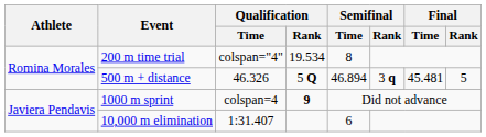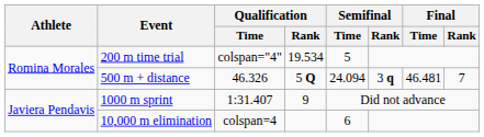 <table class=wikitable style=font-size:90%;text-align:center>
 <tr>
 <th rowspan=2>Athlete</th>
 <th rowspan=2>Event</th>
 <th colspan=2>Qualification</th>
 <th colspan=2>Semifinal</th>
 <th colspan=2>Final</th>
 </tr>
 <tr style=font-size:95%>
 <th>Time</th>
 <th>Rank</th>
 <th>Time</th>
 <th>Rank</th>
 <th>Time</th>
 <th>Rank</th>
 </tr>
 <tr>
 <td rowspan=2 style="text-align:left"><a href='#'>Romina Morales</a></td>
 <td style="text-align:left"><a href='#'>200 m time trial</a></td>
 <td>colspan="4" </td>
 <td>19.534</td>
-<td>8</td>
+<td>5</td>
 </tr>
 <tr>
 <td style="text-align:left"><a href='#'>500 m + distance</a></td>
 <td>46.326</td>
 <td>5 <strong>Q</strong></td>
-<td>46.894</td>
+<td>24.094</td>
 <td>3 <strong>q</strong></td>
-<td>45.481</td>
-<td>5</td>
+<td>46.481</td>
+<td>7</td>
 </tr>
 <tr>
 <td rowspan=2 style="text-align:left"><a href='#'>Javiera Pendavis</a></td>
 <td style="text-align:left"><a href='#'>1000 m sprint</a></td>
-<td>colspan=4 </td>
-<td><strong>9</strong></td>
+<td>1:31.407</td>
+<td>9</td>
 <td colspan="4">Did not advance</td>
 </tr>
 <tr>
 <td style="text-align:left"><a href='#'>10,000 m elimination</a></td>
-<td>1:31.407</td>
+<td>colspan=4 </td>
 <td></td>
 <td>6</td>
 </tr>
 </table>
